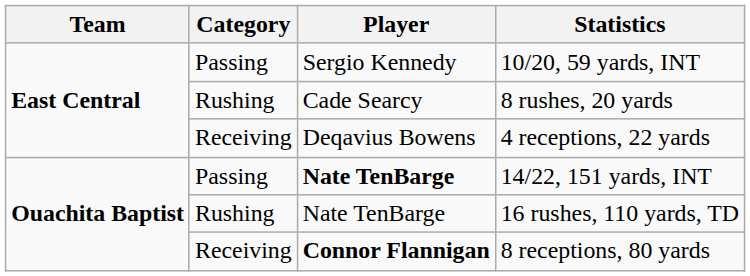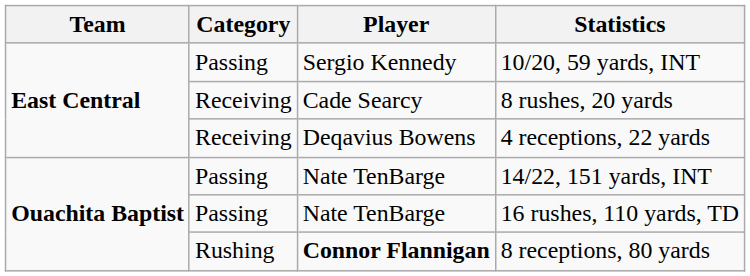 <table class="wikitable" style="float: right;">
 <tr>
 <th>Team</th>
 <th>Category</th>
 <th>Player</th>
 <th>Statistics</th>
 </tr>
 <tr>
 <td rowspan=3><strong>East Central</strong></td>
 <td>Passing</td>
 <td>Sergio Kennedy</td>
 <td>10/20, 59 yards, INT</td>
 </tr>
 <tr>
-<td>Rushing</td>
+<td>Receiving</td>
 <td>Cade Searcy</td>
 <td>8 rushes, 20 yards</td>
 </tr>
 <tr>
 <td>Receiving</td>
 <td>Deqavius Bowens</td>
 <td>4 receptions, 22 yards</td>
 </tr>
 <tr>
 <td rowspan=3><strong>Ouachita Baptist</strong></td>
 <td>Passing</td>
-<td><strong>Nate TenBarge</strong></td>
+<td>Nate TenBarge</td>
 <td>14/22, 151 yards, INT</td>
 </tr>
 <tr>
-<td>Rushing</td>
+<td>Passing</td>
 <td>Nate TenBarge</td>
 <td>16 rushes, 110 yards, TD</td>
 </tr>
 <tr>
-<td>Receiving</td>
+<td>Rushing</td>
 <td><strong>Connor Flannigan</strong></td>
 <td>8 receptions, 80 yards</td>
 </tr>
 </table>
